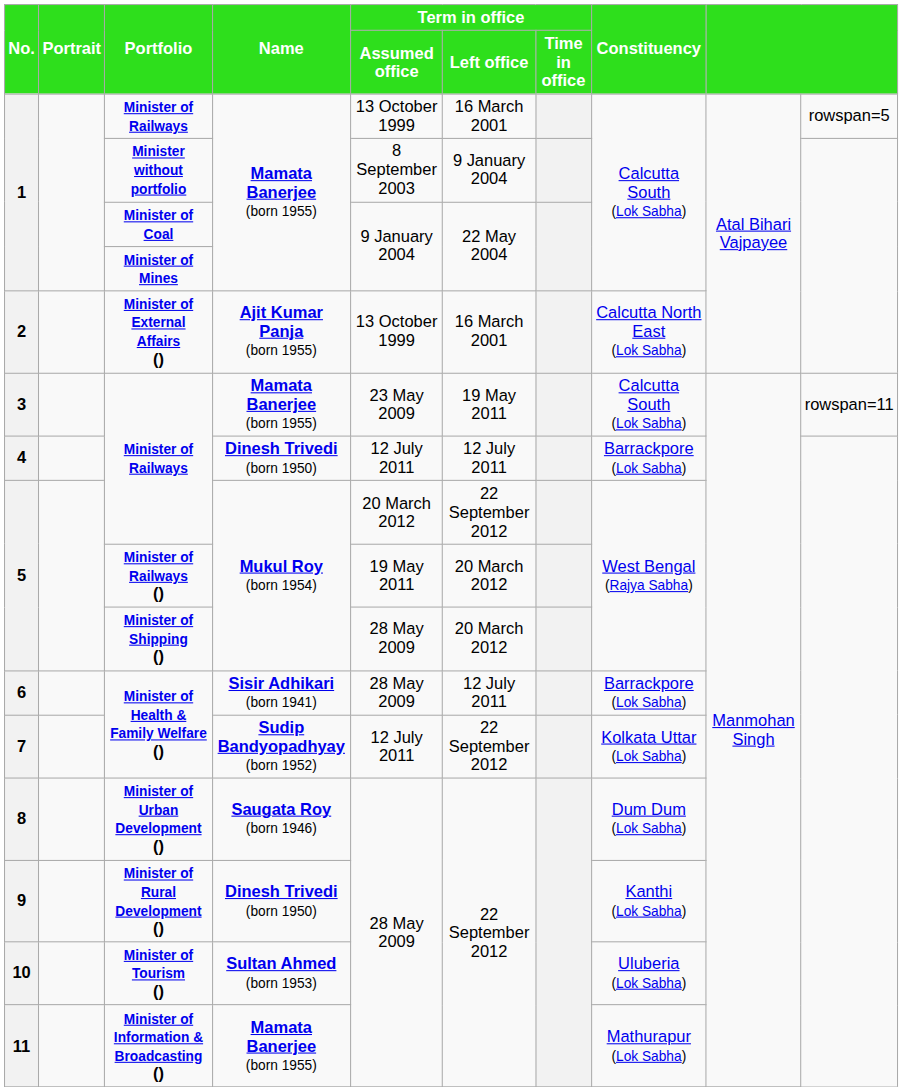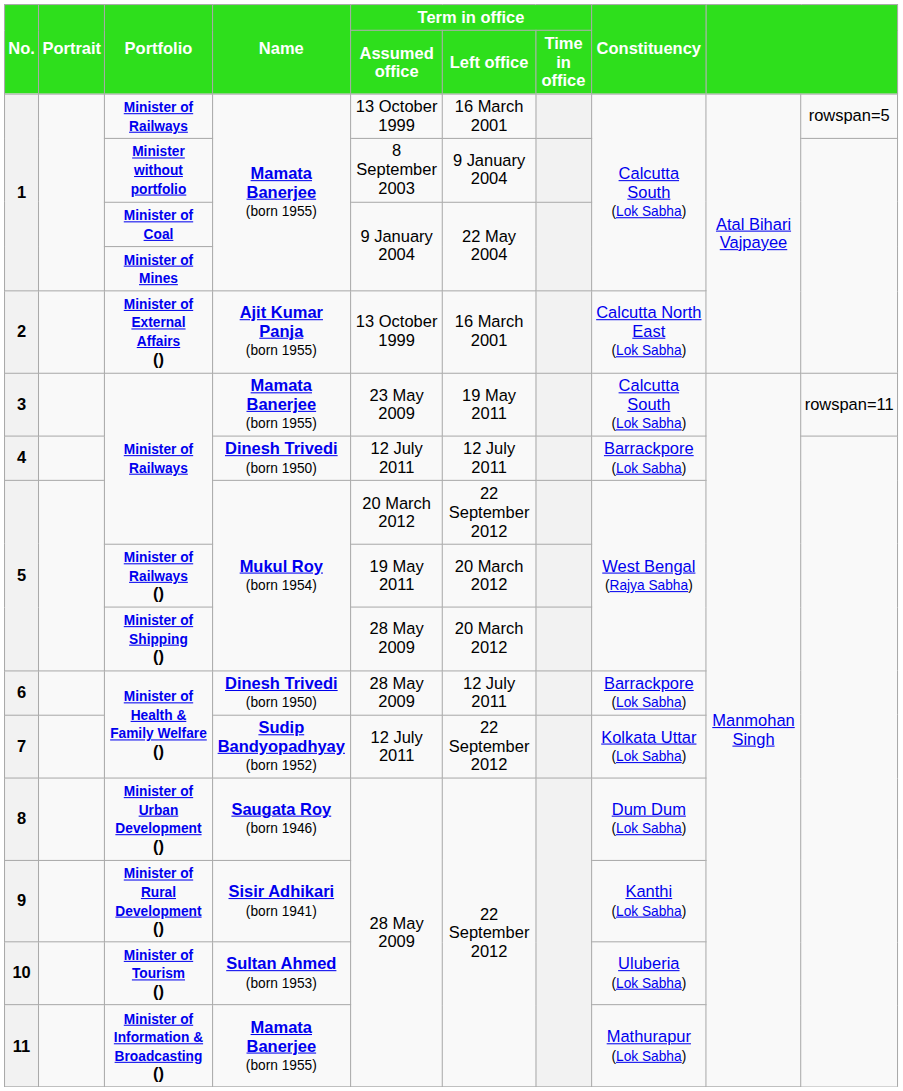 <table class="wikitable sortable" style="text-align:center;">
 <tr>
 <th rowspan=2 style="background-color:#2EDF1C;color:white">No.</th>
 <th rowspan=2 style="background-color:#2EDF1C;color:white">Portrait</th>
 <th rowspan=2 style="background-color:#2EDF1C;color:white">Portfolio</th>
 <th rowspan=2 style="background-color:#2EDF1C;color:white">Name<br></th>
 <th colspan=3 style="background-color:#2EDF1C;color:white">Term in office</th>
 <th rowspan=2 style="background-color:#2EDF1C;color:white">Constituency<br></th>
 <th rowspan=2 colspan=2 style="background-color:#2EDF1C;color:white"><a href='#'></a></th>
 </tr>
 <tr>
 <th style="background-color:#2EDF1C;color:white">Assumed office</th>
 <th style="background-color:#2EDF1C;color:white">Left office</th>
 <th style="background-color:#2EDF1C;color:white">Time in office</th>
 </tr>
 <tr>
 <th rowspan="4">1</th>
 <td rowspan="4"></td>
 <td><strong><small><a href='#'>Minister of Railways</a></small></strong></td>
 <td rowspan="4"><strong><a href='#'>Mamata Banerjee</a></strong><br><small>(born 1955)</small></td>
 <td>13 October 1999</td>
 <td>16 March 2001</td>
 <th><strong></strong></th>
 <td rowspan="4"><a href='#'>Calcutta South</a><br><small>(<a href='#'>Lok Sabha</a>)</small></td>
 <td rowspan=5><a href='#'>Atal Bihari Vajpayee</a></td>
 <td>rowspan=5 </td>
 </tr>
 <tr>
 <td><strong><small><a href='#'>Minister without portfolio</a></small></strong></td>
 <td>8 September 2003</td>
 <td>9 January 2004</td>
 <th><strong></strong></th>
 </tr>
 <tr>
 <td><strong><small><a href='#'>Minister of Coal</a></small></strong></td>
 <td rowspan="2">9 January 2004</td>
 <td rowspan="2">22 May 2004</td>
 <th rowspan="2"><strong></strong></th>
 </tr>
 <tr>
 <td><strong><small><a href='#'>Minister of Mines</a></small></strong></td>
 </tr>
 <tr>
 <th>2</th>
 <td></td>
 <td><strong><small><a href='#'>Minister of External Affairs</a></small></strong><br><strong>()</strong></td>
 <td><strong><a href='#'>Ajit Kumar Panja</a></strong><br><small>(born 1955)</small></td>
 <td>13 October 1999</td>
 <td>16 March 2001</td>
 <th><strong></strong></th>
 <td><a href='#'>Calcutta North East</a><br><small>(<a href='#'>Lok Sabha</a>)</small></td>
 </tr>
 <tr>
 <th>3</th>
 <td></td>
 <td rowspan="3"><strong><small><a href='#'>Minister of Railways</a></small></strong></td>
 <td><strong><a href='#'>Mamata Banerjee</a></strong><br><small>(born 1955)</small></td>
 <td>23 May 2009</td>
 <td>19 May 2011<br></td>
 <th><strong></strong></th>
 <td><a href='#'>Calcutta South</a><br><small>(<a href='#'>Lok Sabha</a>)</small></td>
 <td rowspan=11><a href='#'>Manmohan Singh</a></td>
 <td>rowspan=11 </td>
 </tr>
 <tr>
 <th>4</th>
 <td></td>
 <td><strong><a href='#'>Dinesh Trivedi</a></strong><br><small>(born 1950)</small></td>
 <td>12 July 2011</td>
 <td>12 July 2011</td>
 <th><strong></strong></th>
 <td><a href='#'>Barrackpore</a><br><small>(<a href='#'>Lok Sabha</a>)</small></td>
 </tr>
 <tr>
 <th rowspan="3">5</th>
 <td rowspan="3"></td>
 <td rowspan="3"><strong><a href='#'>Mukul Roy</a></strong><br><small>(born 1954)</small></td>
 <td>20 March 2012</td>
 <td>22 September 2012</td>
 <th><strong></strong></th>
 <td rowspan="3"><a href='#'>West Bengal</a><br><small>(<a href='#'>Rajya Sabha</a>)</small></td>
 </tr>
 <tr>
 <td><strong><small><a href='#'>Minister of Railways</a></small></strong><br><strong>()</strong></td>
 <td>19 May 2011</td>
 <td>20 March 2012</td>
 <th><strong></strong></th>
 </tr>
 <tr>
 <td><strong><small><a href='#'>Minister of Shipping</a></small></strong><br><strong>()</strong></td>
 <td>28 May 2009</td>
 <td>20 March 2012</td>
 <th><strong></strong></th>
 </tr>
 <tr>
 <th>6</th>
 <td></td>
 <td rowspan="2"><small><strong><a href='#'>Minister of Health & Family Welfare</a></strong></small><br><strong>()</strong></td>
-<td><strong><a href='#'>Sisir Adhikari</a></strong><br><small>(born 1941)</small></td>
+<td><strong><a href='#'>Dinesh Trivedi</a></strong><br><small>(born 1950)</small></td>
 <td>28 May 2009</td>
 <td>12 July 2011</td>
 <th><strong></strong></th>
 <td><a href='#'>Barrackpore</a><br><small>(<a href='#'>Lok Sabha</a>)</small></td>
 </tr>
 <tr>
 <th>7</th>
 <td></td>
 <td><strong><a href='#'>Sudip Bandyopadhyay</a></strong><br><small>(born 1952)</small></td>
 <td>12 July 2011</td>
 <td>22 September 2012</td>
 <th><strong></strong></th>
 <td><a href='#'>Kolkata Uttar</a><br><small>(<a href='#'>Lok Sabha</a>)</small></td>
 </tr>
 <tr>
 <th>8</th>
 <td></td>
 <td><strong><small><a href='#'>Minister of Urban Development</a></small></strong><br><strong>()</strong></td>
 <td><strong><a href='#'>Saugata Roy</a></strong><br><small>(born 1946)</small></td>
 <td rowspan="4">28 May 2009</td>
 <td rowspan="4">22 September 2012<br></td>
 <th rowspan="4"><strong></strong></th>
 <td><a href='#'>Dum Dum</a><br><small>(<a href='#'>Lok Sabha</a>)</small></td>
 </tr>
 <tr>
 <th>9</th>
 <td></td>
 <td><strong><small><a href='#'>Minister of Rural Development</a></small></strong><br><strong>()</strong></td>
-<td><strong><a href='#'>Dinesh Trivedi</a></strong><br><small>(born 1950)</small></td>
+<td><strong><a href='#'>Sisir Adhikari</a></strong><br><small>(born 1941)</small></td>
 <td><a href='#'>Kanthi</a><br><small>(<a href='#'>Lok Sabha</a>)</small></td>
 </tr>
 <tr>
 <th>10</th>
 <td></td>
 <td><strong><small><a href='#'>Minister of Tourism</a></small></strong><br><strong>()</strong></td>
 <td><strong><a href='#'>Sultan Ahmed</a></strong><br><small>(born 1953)</small></td>
 <td><a href='#'>Uluberia</a><br><small>(<a href='#'>Lok Sabha</a>)</small></td>
 </tr>
 <tr>
 <th>11</th>
 <td></td>
 <td><strong><small><a href='#'>Minister of Information & Broadcasting</a></small></strong><br><strong>()</strong></td>
 <td><strong><a href='#'>Mamata Banerjee</a></strong><br><small>(born 1955)</small></td>
 <td><a href='#'>Mathurapur</a><br><small>(<a href='#'>Lok Sabha</a>)</small></td>
 </tr>
 <tr>
 </tr>
 </table>
